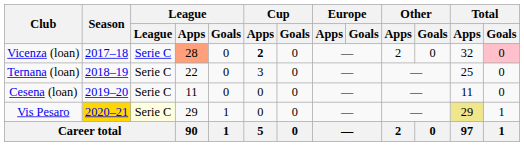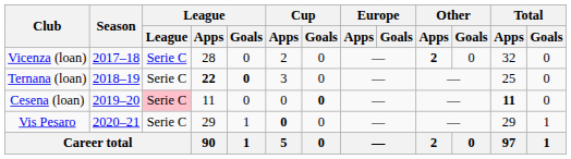 <table class="wikitable" style="text-align: center;">
 <tr>
 <th rowspan="2">Club</th>
 <th rowspan="2">Season</th>
 <th colspan="3">League</th>
 <th colspan="2">Cup</th>
 <th colspan="2">Europe</th>
 <th colspan="2">Other</th>
 <th colspan="2">Total</th>
 </tr>
 <tr>
 <th>League</th>
 <th>Apps</th>
 <th>Goals</th>
 <th>Apps</th>
 <th>Goals</th>
 <th>Apps</th>
 <th>Goals</th>
 <th>Apps</th>
 <th>Goals</th>
 <th>Apps</th>
 <th>Goals</th>
 </tr>
 <tr>
 <td><a href='#'>Vicenza</a> (loan)</td>
 <td><a href='#'>2017–18</a></td>
 <td><a href='#'>Serie C</a></td>
-<td style="background: lightsalmon;">28</td>
+<td>28</td>
 <td>0</td>
+<td>2</td>
+<td>0</td>
+<td colspan="2">—</td>
 <td><strong>2</strong></td>
 <td>0</td>
-<td colspan="2">—</td>
-<td>2</td>
+<td>32</td>
 <td>0</td>
-<td>32</td>
-<td style="background: pink;">0</td>
 </tr>
 <tr>
 <td><a href='#'>Ternana</a> (loan)</td>
 <td><a href='#'>2018–19</a></td>
 <td>Serie C</td>
-<td>22</td>
-<td>0</td>
+<td><strong>22</strong></td>
+<td><strong>0</strong></td>
 <td>3</td>
 <td>0</td>
 <td colspan="2">—</td>
 <td colspan="2">—</td>
 <td>25</td>
 <td>0</td>
 </tr>
 <tr>
 <td><a href='#'>Cesena</a> (loan)</td>
 <td><a href='#'>2019–20</a></td>
-<td>Serie C</td>
+<td style="background: pink;">Serie C</td>
 <td>11</td>
 <td>0</td>
 <td>0</td>
-<td>0</td>
+<td><strong>0</strong></td>
 <td colspan="2">—</td>
 <td colspan="2">—</td>
-<td>11</td>
+<td><strong>11</strong></td>
 <td>0</td>
 </tr>
 <tr>
 <td><a href='#'>Vis Pesaro</a></td>
-<td style="background: gold;"><a href='#'>2020–21</a></td>
-<td style="background: lightyellow;">Serie C</td>
+<td><a href='#'>2020–21</a></td>
+<td>Serie C</td>
 <td>29</td>
 <td>1</td>
-<td>0</td>
+<td><strong>0</strong></td>
 <td>0</td>
 <td colspan="2">—</td>
 <td colspan="2">—</td>
-<td style="background: khaki;">29</td>
+<td>29</td>
 <td>1</td>
 </tr>
 <tr>
 <th colspan="3">Career total</th>
 <th>90</th>
 <th>1</th>
 <th>5</th>
 <th>0</th>
 <th colspan="2">—</th>
 <th>2</th>
 <th>0</th>
 <th>97</th>
 <th>1</th>
 </tr>
 </table>
